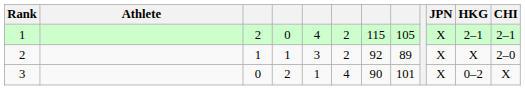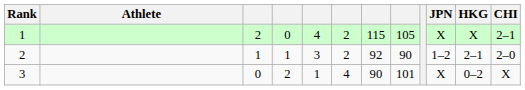 <table class="wikitable" style="text-align:center">
 <tr>
 <th>Rank</th>
 <th width=250>Athlete</th>
 <th width=30></th>
 <th width=30></th>
 <th width=30></th>
 <th width=30></th>
 <th width=30></th>
 <th width=30></th>
 <th rowspan=4></th>
 <th width=30>JPN</th>
 <th width=30>HKG</th>
 <th width=30>CHI</th>
 </tr>
 <tr style="background-color:#ccffcc;">
 <td>1</td>
 <td align=left></td>
 <td>2</td>
 <td>0</td>
 <td>4</td>
 <td>2</td>
 <td>115</td>
 <td>105</td>
 <td>X</td>
-<td>2–1</td>
+<td>X</td>
 <td>2–1</td>
 </tr>
 <tr>
 <td>2</td>
 <td align=left></td>
 <td>1</td>
 <td>1</td>
 <td>3</td>
 <td>2</td>
 <td>92</td>
-<td>89</td>
-<td>X</td>
-<td>X</td>
+<td>90</td>
+<td>1–2</td>
+<td>2–1</td>
 <td>2–0</td>
 </tr>
 <tr>
 <td>3</td>
 <td align=left></td>
 <td>0</td>
 <td>2</td>
 <td>1</td>
 <td>4</td>
 <td>90</td>
 <td>101</td>
 <td>X</td>
 <td>0–2</td>
 <td>X</td>
 </tr>
 </table>
